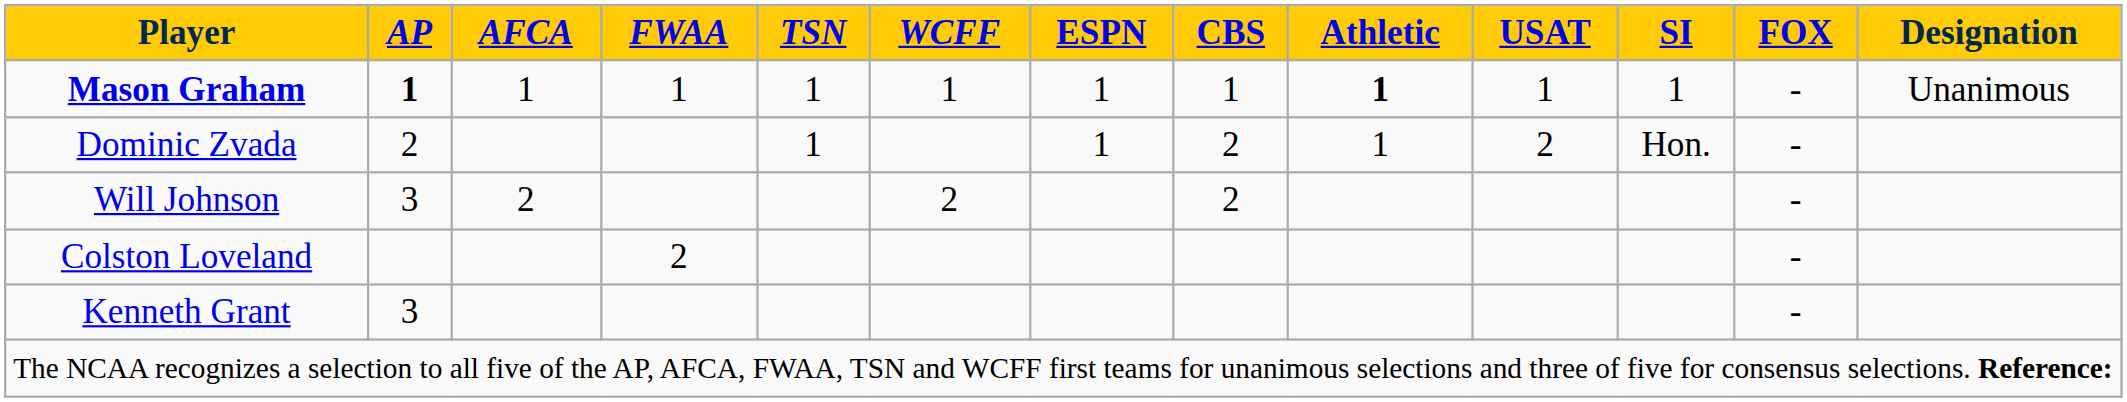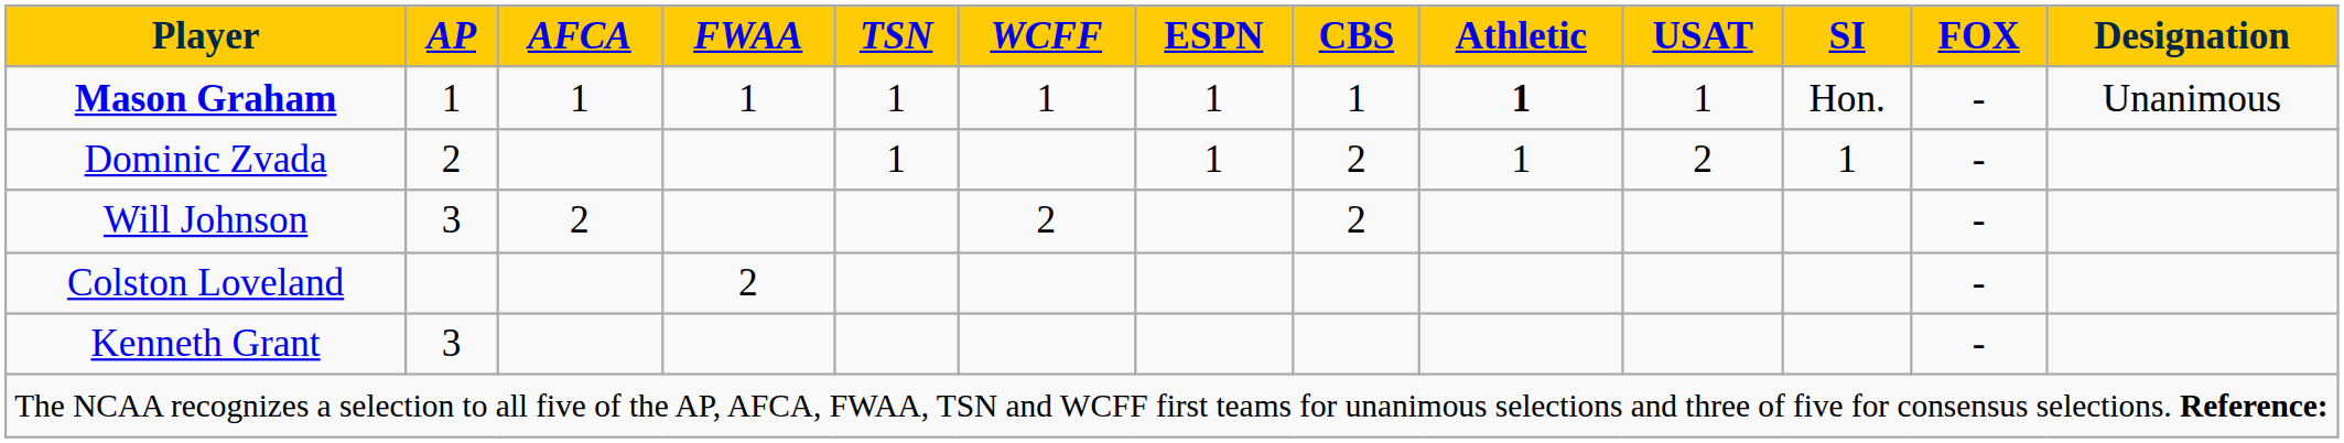 <table class="wikitable" style="text-align: center">
 <tr>
 <th style="background: #FFCB05; color: #00274C"><span>Player</span></th>
 <th style="background: #FFCB05; color: #00274C"><a href='#'><span><em>AP</em></span></a></th>
 <th style="background: #FFCB05; color: #00274C"><a href='#'><span><em>AFCA</em></span></a></th>
 <th style="background: #FFCB05; color: #00274C"><a href='#'><span><em>FWAA</em></span></a></th>
 <th style="background: #FFCB05; color: #00274C"><a href='#'><span><em>TSN</em></span></a></th>
 <th style="background: #FFCB05; color: #00274C"><a href='#'><span><em>WCFF</em></span></a></th>
 <th style="background: #FFCB05; color: #00274C"><a href='#'><span>ESPN</span></a></th>
 <th style="background: #FFCB05; color: #00274C"><a href='#'><span>CBS</span></a></th>
 <th style="background: #FFCB05; color: #00274C"><a href='#'><span>Athletic</span></a></th>
 <th style="background: #FFCB05; color: #00274C"><a href='#'><span>USAT</span></a></th>
 <th style="background: #FFCB05; color: #00274C"><a href='#'><span>SI</span></a></th>
 <th style="background: #FFCB05; color: #00274C"><a href='#'><span>FOX</span></a></th>
 <th style="background: #FFCB05; color: #00274C"><span>Designation</span></th>
 </tr>
 <tr align="center">
 <td><strong><a href='#'>Mason Graham</a></strong></td>
-<td><strong>1</strong></td>
+<td>1</td>
 <td>1</td>
 <td>1</td>
 <td>1</td>
 <td>1</td>
 <td>1</td>
 <td>1</td>
 <td><strong>1</strong></td>
 <td>1</td>
-<td>1</td>
+<td>Hon.</td>
 <td>-</td>
 <td>Unanimous</td>
 </tr>
 <tr align="center">
 <td><a href='#'>Dominic Zvada</a></td>
 <td>2</td>
 <td></td>
 <td></td>
 <td>1</td>
 <td></td>
 <td>1</td>
 <td>2</td>
 <td>1</td>
 <td>2</td>
-<td>Hon.</td>
+<td>1</td>
 <td>-</td>
 <td></td>
 </tr>
 <tr align="center">
 <td><a href='#'>Will Johnson</a></td>
 <td>3</td>
 <td>2</td>
 <td></td>
 <td></td>
 <td>2</td>
 <td></td>
 <td>2</td>
 <td></td>
 <td></td>
 <td></td>
 <td>-</td>
 <td></td>
 </tr>
 <tr align="center">
 <td><a href='#'>Colston Loveland</a></td>
 <td></td>
 <td></td>
 <td>2</td>
 <td></td>
 <td></td>
 <td></td>
 <td></td>
 <td></td>
 <td></td>
 <td></td>
 <td>-</td>
 <td></td>
 </tr>
 <tr align="center">
 <td><a href='#'>Kenneth Grant</a></td>
 <td>3</td>
 <td></td>
 <td></td>
 <td></td>
 <td></td>
 <td></td>
 <td></td>
 <td></td>
 <td></td>
 <td></td>
 <td>-</td>
 <td></td>
 </tr>
 <tr align="center">
 <td colspan=13><small>The NCAA recognizes a selection to all five of the AP, AFCA, FWAA, TSN and WCFF first teams for unanimous selections and three of five for consensus selections. <strong>Reference:</strong></small></td>
 </tr>
 </table>
